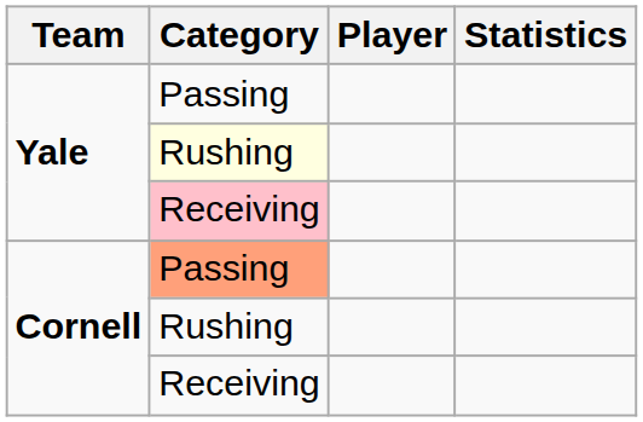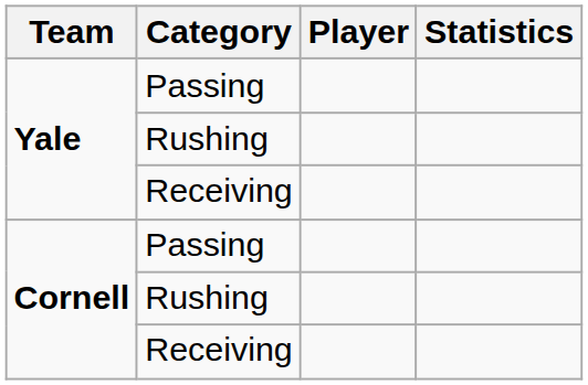 <table class="wikitable" style="float: right;">
 <tr>
 <th>Team</th>
 <th>Category</th>
 <th>Player</th>
 <th>Statistics</th>
 </tr>
 <tr>
 <td rowspan=3><strong>Yale</strong></td>
 <td>Passing</td>
 <td></td>
 <td></td>
 </tr>
 <tr>
-<td style="background: lightyellow;">Rushing</td>
+<td>Rushing</td>
 <td></td>
 <td></td>
 </tr>
 <tr>
-<td style="background: pink;">Receiving</td>
+<td>Receiving</td>
 <td></td>
 <td></td>
 </tr>
 <tr>
 <td rowspan=3><strong>Cornell</strong></td>
-<td style="background: lightsalmon;">Passing</td>
+<td>Passing</td>
 <td></td>
 <td></td>
 </tr>
 <tr>
 <td>Rushing</td>
 <td></td>
 <td></td>
 </tr>
 <tr>
 <td>Receiving</td>
 <td></td>
 <td></td>
 </tr>
 </table>
